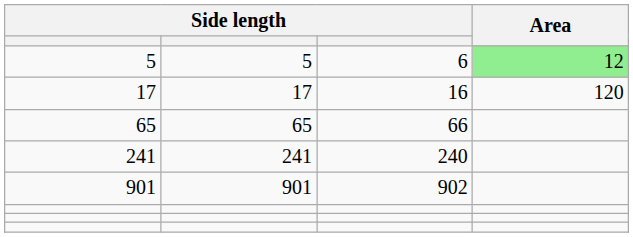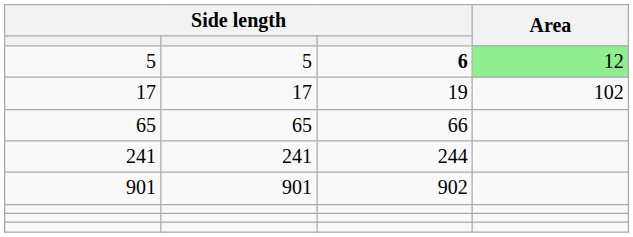 <table class="wikitable" style="table-layout: fixed; width: 500px;">
 <tr>
 <th colspan="3">Side length</th>
 <th rowspan="2">Area</th>
 </tr>
 <tr>
 <th></th>
 <th></th>
 <th></th>
 </tr>
 <tr align="right">
 <td>5</td>
 <td>5</td>
-<td>6</td>
+<td><strong>6</strong></td>
 <td style="background: lightgreen;">12</td>
 </tr>
 <tr align="right">
 <td>17</td>
 <td>17</td>
-<td>16</td>
-<td>120</td>
+<td>19</td>
+<td>102</td>
 </tr>
 <tr align="right">
 <td>65</td>
 <td>65</td>
 <td>66</td>
 <td></td>
 </tr>
 <tr align="right">
 <td>241</td>
 <td>241</td>
-<td>240</td>
+<td>244</td>
 <td></td>
 </tr>
 <tr align="right">
 <td>901</td>
 <td>901</td>
 <td>902</td>
 <td></td>
 </tr>
 <tr align="right">
 <td></td>
 <td></td>
 <td></td>
 <td></td>
 </tr>
 <tr align="right">
 <td></td>
 <td></td>
 <td></td>
 <td></td>
 </tr>
 <tr align="right">
 <td></td>
 <td></td>
 <td></td>
 <td></td>
 </tr>
 </table>
